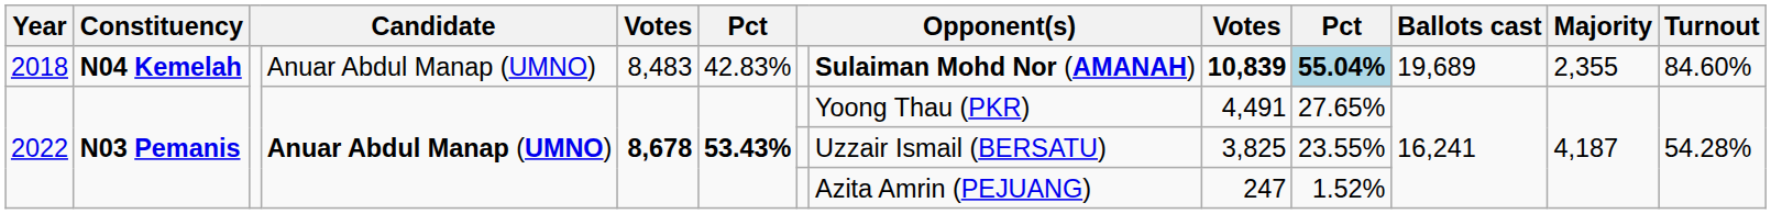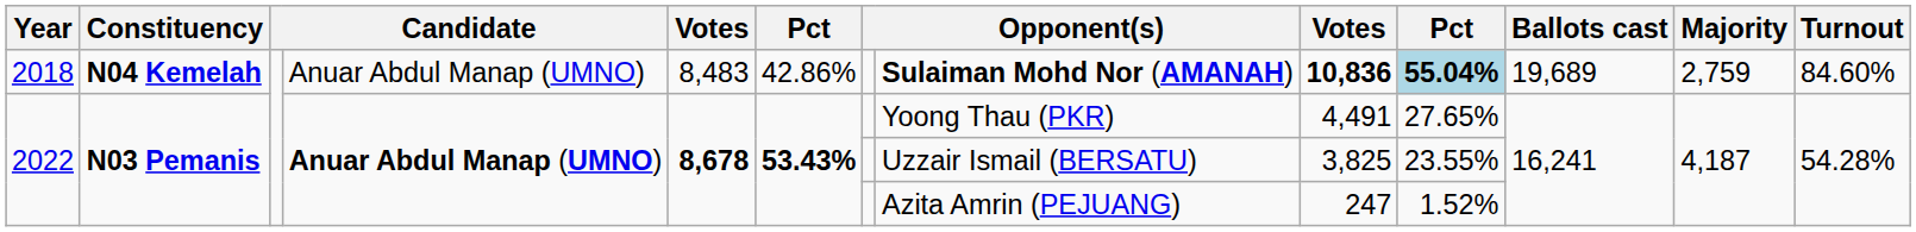 <table class="wikitable" style="margin:0.5em ; font-size:95%">
 <tr>
 <th>Year</th>
 <th>Constituency</th>
 <th colspan=2>Candidate</th>
 <th>Votes</th>
 <th>Pct</th>
 <th colspan=2>Opponent(s)</th>
 <th>Votes</th>
 <th>Pct</th>
 <th>Ballots cast</th>
 <th>Majority</th>
 <th>Turnout</th>
 </tr>
 <tr>
 <td><a href='#'>2018</a></td>
 <td><strong>N04 <a href='#'>Kemelah</a></strong></td>
 <td rowspan="4" ></td>
 <td>Anuar Abdul Manap (<a href='#'>UMNO</a>)</td>
 <td align="right">8,483</td>
-<td>42.83%</td>
+<td>42.86%</td>
 <td></td>
 <td><strong>Sulaiman Mohd Nor</strong> (<a href='#'><strong>AMANAH</strong></a>)</td>
-<td align="right"><strong>10,839</strong></td>
+<td align="right"><strong>10,836</strong></td>
 <td style="background: lightblue;"><strong>55.04%</strong></td>
 <td>19,689</td>
-<td>2,355</td>
+<td>2,759</td>
 <td>84.60%</td>
 </tr>
 <tr>
 <td rowspan="3"><a href='#'>2022</a></td>
 <td rowspan="3"><strong>N03 <a href='#'>Pemanis</a></strong></td>
 <td rowspan="3"><strong>Anuar Abdul Manap</strong> (<a href='#'><strong>UMNO</strong></a>)</td>
 <td rowspan="3" align="right"><strong>8,678</strong></td>
 <td rowspan="3"><strong>53.43%</strong></td>
 <td></td>
 <td>Yoong Thau (<a href='#'>PKR</a>)</td>
 <td align="right">4,491</td>
 <td>27.65%</td>
 <td rowspan="3">16,241</td>
 <td rowspan="3">4,187</td>
 <td rowspan="3">54.28%</td>
 </tr>
 <tr>
 <td></td>
 <td>Uzzair Ismail (<a href='#'>BERSATU</a>)</td>
 <td align="right">3,825</td>
 <td>23.55%</td>
 </tr>
 <tr>
 <td></td>
 <td>Azita Amrin (<a href='#'>PEJUANG</a>)</td>
 <td align="right">247</td>
 <td align="right">1.52%</td>
 </tr>
 </table>
